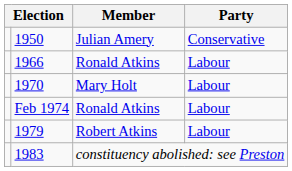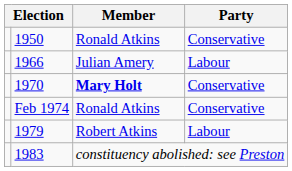 <table class="wikitable">
 <tr>
 <th colspan="2">Election</th>
 <th>Member</th>
 <th>Party</th>
 </tr>
 <tr>
 <td style="color:inherit;background-color: "></td>
 <td><a href='#'>1950</a></td>
-<td><a href='#'>Julian Amery</a></td>
+<td><a href='#'>Ronald Atkins</a></td>
 <td><a href='#'>Conservative</a></td>
 </tr>
 <tr>
 <td style="color:inherit;background-color: "></td>
 <td><a href='#'>1966</a></td>
-<td><a href='#'>Ronald Atkins</a></td>
+<td><a href='#'>Julian Amery</a></td>
 <td><a href='#'>Labour</a></td>
 </tr>
 <tr>
 <td style="color:inherit;background-color: "></td>
 <td><a href='#'>1970</a></td>
-<td><a href='#'>Mary Holt</a></td>
-<td><a href='#'>Labour</a></td>
+<td><strong><a href='#'>Mary Holt</a></strong></td>
+<td><a href='#'>Conservative</a></td>
 </tr>
 <tr>
 <td style="color:inherit;background-color: "></td>
 <td><a href='#'>Feb 1974</a></td>
 <td><a href='#'>Ronald Atkins</a></td>
-<td><a href='#'>Labour</a></td>
+<td><a href='#'>Conservative</a></td>
 </tr>
 <tr>
 <td style="color:inherit;background-color: "></td>
 <td><a href='#'>1979</a></td>
 <td><a href='#'>Robert Atkins</a></td>
 <td><a href='#'>Labour</a></td>
 </tr>
 <tr>
 <td></td>
 <td><a href='#'>1983</a></td>
 <td colspan="2"><em>constituency abolished: see <a href='#'>Preston</a></em></td>
 </tr>
 </table>
